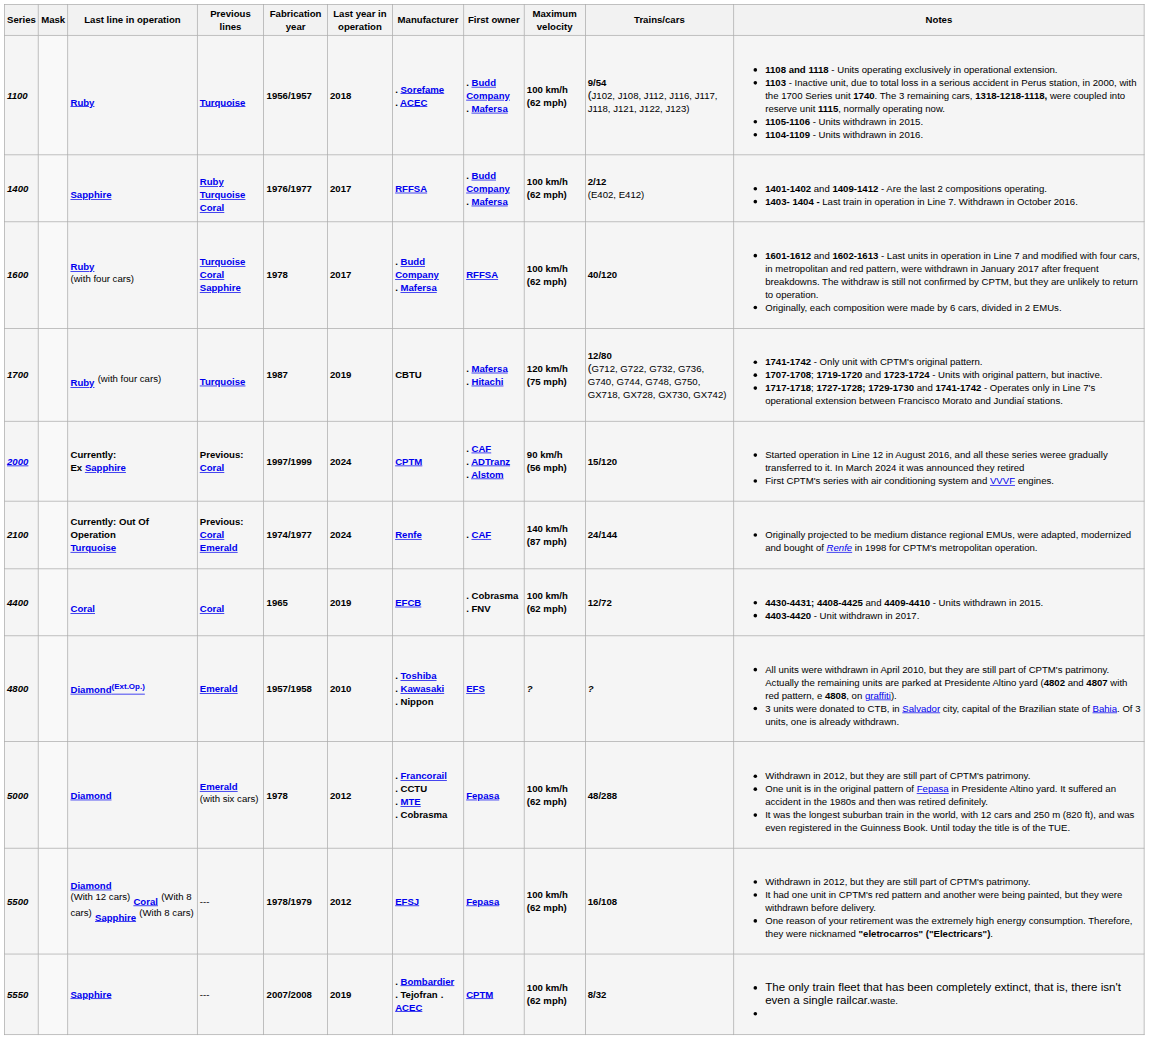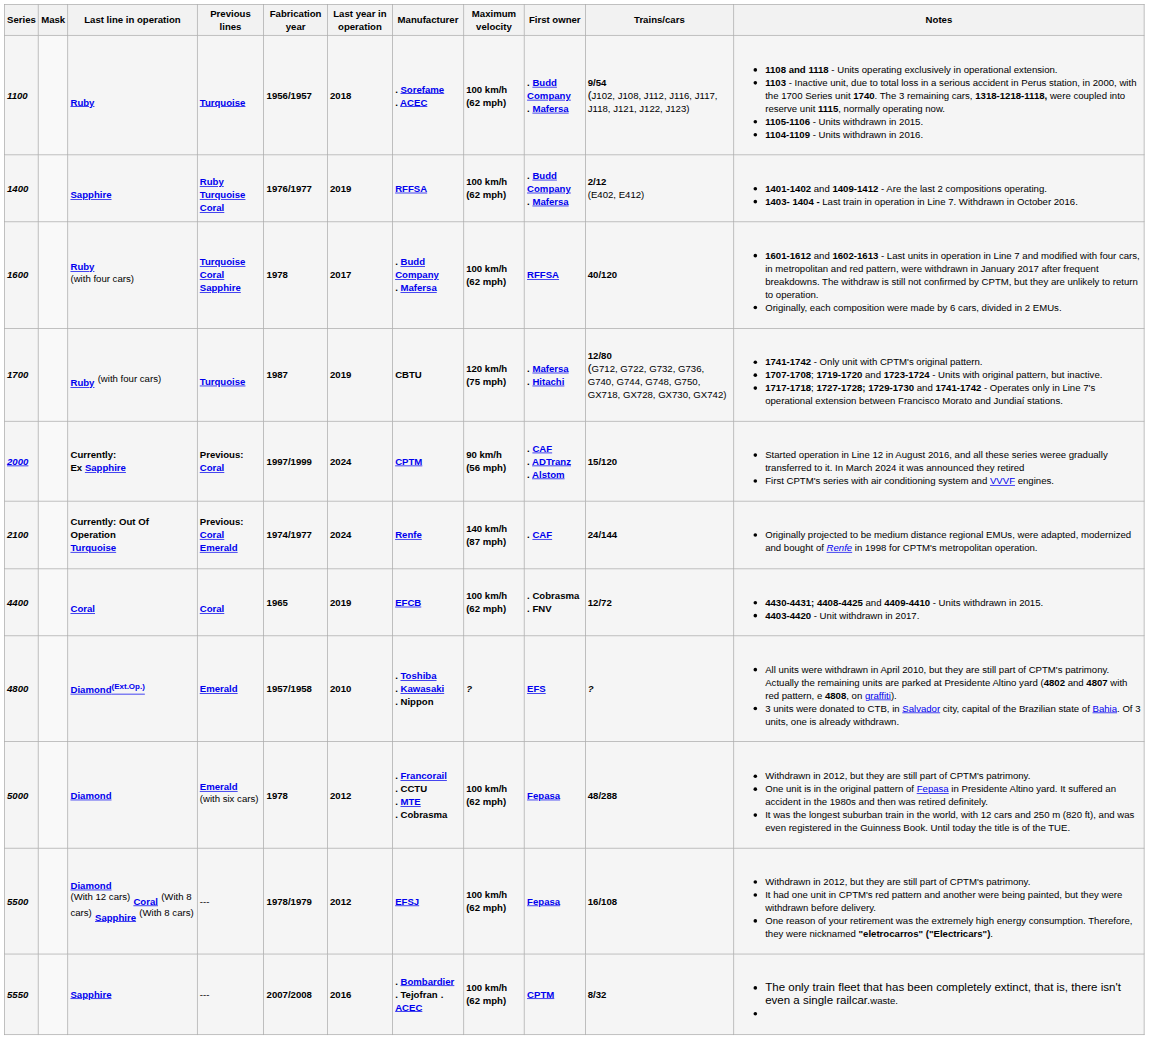 <table class="wikitable" style="margin: auto;">
 <tr>
 <th bgcolor="#cccccc"><strong><small>Series</small></strong></th>
 <th bgcolor="#cccccc"><strong><small>Mask</small></strong></th>
 <th bgcolor="#cccccc"><strong><small>Last line in operation</small></strong></th>
 <th bgcolor="#cccccc"><strong><small>Previous lines</small></strong></th>
 <th bgcolor="#cccccc"><strong><small>Fabrication year</small></strong></th>
 <th bgcolor="#cccccc"><small><strong>Last year in operation</strong></small></th>
 <th bgcolor="#cccccc"><strong><small>Manufacturer</small></strong></th>
+<th bgcolor="#cccccc"><small><strong>Maximum velocity</strong></small></th>
 <th bgcolor="#cccccc"><strong><small>First owner</small></strong></th>
-<th bgcolor="#cccccc"><small><strong>Maximum velocity</strong></small></th>
 <th bgcolor="#cccccc"><small><strong>Trains/cars</strong></small></th>
 <th bgcolor="#cccccc"><strong><small>Notes</small></strong></th>
 </tr>
 <tr>
 <td bgcolor=#f5f5f5><small><strong><em>1100</em></strong></small></td>
 <td><br></td>
 <td bgcolor=#f5f5f5><br><strong><small> <a href='#'>Ruby</a></small></strong></td>
 <td bgcolor=#f5f5f5><br><strong><small> <a href='#'>Turquoise</a></small></strong></td>
 <td bgcolor=#f5f5f5><strong><small>1956/1957</small></strong></td>
 <td bgcolor=#f5f5f5><strong><small>2018</small></strong></td>
 <td bgcolor=#f5f5f5><strong><small>. <a href='#'>Sorefame</a></small></strong><br><strong><small>. <a href='#'>ACEC</a> <br></small></strong></td>
+<td bgcolor=#f5f5f5><strong><small>100 km/h (62 mph)</small></strong></td>
 <td bgcolor=#f5f5f5><strong><small>. <a href='#'>Budd Company</a></small></strong><br><strong><small>. <a href='#'>Mafersa</a></small></strong></td>
-<td bgcolor=#f5f5f5><strong><small>100 km/h (62 mph)</small></strong></td>
 <td bgcolor=#f5f5f5><strong><small>9/54</small></strong><br>(<small>J102, J108, J112, J116, J117, J118, J121, J122, J123)</small></td>
 <td bgcolor=#f5f5f5><br><ul><li><small><strong>1108 and 1118</strong> - Units operating exclusively in operational extension.</small></li><li><small><strong>1103</strong> - Inactive unit, due to total loss in a serious accident in Perus station, in 2000, with the 1700 Series unit <strong>1740</strong>. The 3 remaining cars, <strong>1318-1218-1118,</strong> were coupled into reserve unit <strong>1115</strong>, normally operating now.</small></li><li><small><strong>1105-1106</strong> - Units withdrawn in 2015.</small></li><li><small><strong>1104-1109</strong> - Units withdrawn in 2016.</small></li></ul></td>
 </tr>
 <tr>
 <td bgcolor=#f5f5f5><small><strong><em>1400</em></strong></small></td>
 <td><br></td>
 <td bgcolor=#f5f5f5><br><strong><small> <a href='#'>Sapphire</a></small></strong></td>
 <td bgcolor=#f5f5f5><br><strong><small> <a href='#'>Ruby</a></small></strong> <strong><small> <a href='#'>Turquoise</a></small></strong> <strong><small> <a href='#'>Coral</a></small></strong></td>
 <td bgcolor=#f5f5f5><strong><small>1976/1977</small></strong></td>
-<td bgcolor=#f5f5f5><strong><small>2017</small></strong></td>
+<td bgcolor=#f5f5f5><strong><small>2019</small></strong></td>
 <td bgcolor=#f5f5f5><strong><small><a href='#'>RFFSA</a></small></strong></td>
+<td bgcolor=#f5f5f5><strong><small>100 km/h (62 mph)</small></strong></td>
 <td bgcolor=#f5f5f5><strong><small>. <a href='#'>Budd Company</a><br>. <a href='#'>Mafersa</a></small></strong></td>
-<td bgcolor=#f5f5f5><strong><small>100 km/h (62 mph)</small></strong></td>
 <td bgcolor=#f5f5f5><strong><small>2/12</small></strong><br><small>(E402, E412)</small></td>
 <td bgcolor=#f5f5f5><br><ul><li><small><strong>1401-1402</strong> and <strong>1409-1412</strong> - Are the last 2 compositions operating.</small></li><li><small><strong>1403- 1404 -</strong> Last train in operation in Line 7. Withdrawn in October 2016.</small></li></ul></td>
 </tr>
 <tr>
 <td bgcolor=#f5f5f5><strong><em><small>1600</small></em></strong></td>
 <td></td>
 <td bgcolor=#f5f5f5><small><strong> <a href='#'>Ruby</a></strong></small><br><sup>(with four cars)</sup></td>
 <td bgcolor=#f5f5f5><strong><small> <a href='#'>Turquoise</a></small></strong><br><strong><small> <a href='#'>Coral</a></small></strong> <strong><small> <a href='#'>Sapphire</a></small></strong></td>
 <td bgcolor=#f5f5f5><strong><small>1978</small></strong></td>
 <td bgcolor=#f5f5f5><strong><small>2017</small></strong></td>
 <td bgcolor=#f5f5f5><strong><small>. <a href='#'>Budd Company</a></small></strong><br><strong><small>. <a href='#'>Mafersa</a></small></strong></td>
+<td bgcolor=#f5f5f5><strong><small>100 km/h (62 mph)</small></strong></td>
 <td bgcolor=#f5f5f5><strong><small><a href='#'>RFFSA</a></small></strong></td>
-<td bgcolor=#f5f5f5><strong><small>100 km/h (62 mph)</small></strong></td>
 <td bgcolor=#f5f5f5><strong><small>40/120</small></strong></td>
 <td bgcolor=#f5f5f5><br><ul><li><small><strong>1601-1612</strong> and <strong>1602-1613</strong> - Last units in operation in Line 7 and modified with four cars, in metropolitan and red pattern, were withdrawn in January 2017 after frequent breakdowns. The withdraw is still not confirmed by CPTM, but they are unlikely to return to operation.</small></li><li><small>Originally, each composition were made by 6 cars, divided in 2 EMUs.</small></li></ul></td>
 </tr>
 <tr>
 <td bgcolor=#f5f5f5><small><strong><em>1700</em></strong></small></td>
 <td><br></td>
 <td bgcolor=#f5f5f5><br><strong><small> <a href='#'>Ruby</a></small></strong> <sup>(with four cars)</sup></td>
 <td bgcolor=#f5f5f5><br><strong><small> <a href='#'>Turquoise</a></small></strong></td>
 <td bgcolor=#f5f5f5><strong><small>1987</small></strong></td>
 <td bgcolor=#f5f5f5><strong><small>2019</small></strong></td>
 <td bgcolor=#f5f5f5><strong><small>CBTU</small></strong></td>
+<td bgcolor=#f5f5f5><strong><small>120 km/h (75 mph)</small></strong></td>
 <td bgcolor=#f5f5f5><strong><small>. <a href='#'>Mafersa</a><br>. <a href='#'>Hitachi</a></small></strong></td>
-<td bgcolor=#f5f5f5><strong><small>120 km/h (75 mph)</small></strong></td>
 <td bgcolor=#f5f5f5><strong><small>12/80</small></strong><br>(<small>G712, G722, G732, G736, G740, G744, G748, G750, GX718, GX728, GX730, GX742)</small></td>
 <td bgcolor=#f5f5f5><br><ul><li><small><strong>1741-1742</strong> - Only unit with CPTM's original pattern.</small></li><li><small><strong>1707-1708</strong>; <strong>1719-1720</strong> and <strong>1723-1724</strong> - Units with original pattern, but inactive.</small></li><li><small><strong>1717-1718</strong>; <strong>1727-1728;</strong> <strong>1729-1730</strong> and <strong>1741-1742</strong> - Operates only in Line 7's operational extension between Francisco Morato and Jundiaí stations.</small></li></ul></td>
 </tr>
 <tr>
 <td bgcolor=#f5f5f5><small><strong><em><a href='#'>2000</a></em></strong></small></td>
 <td><br></td>
 <td bgcolor=#f5f5f5><small><strong>Currently:</strong></small><br><strong><small> Ex <a href='#'>Sapphire</a></small></strong></td>
 <td bgcolor=#f5f5f5><small><strong>Previous:</strong></small><br><strong><small> <a href='#'>Coral</a></small></strong></td>
 <td bgcolor=#f5f5f5><strong><small>1997/1999</small></strong></td>
 <td bgcolor=#f5f5f5><strong><small>2024</small></strong></td>
 <td bgcolor=#f5f5f5><strong><small><a href='#'>CPTM</a></small></strong></td>
+<td bgcolor=#f5f5f5><strong><small>90 km/h (56 mph)</small></strong></td>
 <td bgcolor=#f5f5f5><strong><small>. <a href='#'>CAF</a><br>. <a href='#'>ADTranz</a><br>. <a href='#'>Alstom</a></small></strong></td>
-<td bgcolor=#f5f5f5><strong><small>90 km/h (56 mph)</small></strong></td>
 <td bgcolor=#f5f5f5><strong><small>15/120</small></strong></td>
 <td bgcolor=#f5f5f5><br><ul><li><small>Started operation in Line 12 in August 2016, and all these series weree gradually transferred to it. In March 2024 it was announced they retired</small></li><li><small>First CPTM's series with air conditioning system and <a href='#'>VVVF</a> engines.</small></li></ul></td>
 </tr>
 <tr>
 <td bgcolor=#f5f5f5><small><strong><em>2100</em></strong></small></td>
 <td><br><br> </td>
 <td bgcolor=#f5f5f5><small><strong>Currently: Out Of Operation</strong></small><br><strong><small> <a href='#'>Turquoise</a></small></strong></td>
 <td bgcolor=#f5f5f5><small><strong>Previous:</strong></small><br><strong><small> <a href='#'>Coral</a></small></strong> <strong><small> <a href='#'>Emerald</a></small></strong></td>
 <td bgcolor=#f5f5f5><strong><small>1974/1977</small></strong></td>
 <td bgcolor=#f5f5f5><strong><small>2024</small></strong></td>
 <td bgcolor=#f5f5f5><strong><small><a href='#'>Renfe</a></small></strong></td>
+<td bgcolor=#f5f5f5><strong><small>140 km/h (87 mph)</small></strong></td>
 <td bgcolor=#f5f5f5><strong><small>. <a href='#'>CAF</a></small></strong></td>
-<td bgcolor=#f5f5f5><strong><small>140 km/h (87 mph)</small></strong></td>
 <td bgcolor=#f5f5f5><strong><small>24/144</small></strong></td>
 <td bgcolor=#f5f5f5><br><ul><li><small>Originally projected to be medium distance regional EMUs, were adapted, modernized and bought of <em><a href='#'>Renfe</a></em> in 1998 for CPTM's metropolitan operation.</small></li></ul></td>
 </tr>
 <tr>
 <td bgcolor=#f5f5f5><small><strong><em>4400</em></strong></small></td>
 <td></td>
 <td bgcolor=#f5f5f5><br><small><strong> <a href='#'>Coral</a></strong></small></td>
 <td bgcolor=#f5f5f5><br><strong><small> <a href='#'>Coral</a></small></strong></td>
 <td bgcolor=#f5f5f5><strong><small>1965</small></strong></td>
 <td bgcolor=#f5f5f5><strong><small>2019</small></strong></td>
 <td bgcolor=#f5f5f5><strong><small><a href='#'>EFCB</a></small></strong></td>
+<td bgcolor=#f5f5f5><strong><small>100 km/h (62 mph)</small></strong></td>
 <td bgcolor=#f5f5f5><strong><small>. Cobrasma<br>. FNV</small></strong></td>
-<td bgcolor=#f5f5f5><strong><small>100 km/h (62 mph)</small></strong></td>
 <td bgcolor=#f5f5f5><strong><small>12/72</small></strong></td>
 <td bgcolor=#f5f5f5><br><ul><li><small><strong>4430-4431; 4408-4425</strong> and <strong>4409-4410</strong> - Units withdrawn in 2015.</small></li><li><small><strong>4403-4420</strong> - Unit withdrawn in 2017.</small></li></ul></td>
 </tr>
 <tr>
 <td bgcolor=#f5f5f5><strong><em><small>4800</small></em></strong></td>
 <td><br></td>
 <td bgcolor=#f5f5f5><strong><small> <a href='#'>Diamond<sup>(Ext.Op.)</sup></a></small></strong></td>
 <td bgcolor=#f5f5f5><strong><small> <a href='#'>Emerald</a></small></strong></td>
 <td bgcolor="#f5f5f5"><strong><small>1957/1958</small></strong></td>
 <td bgcolor="#f5f5f5"><small><strong>2010</strong></small></td>
 <td bgcolor=#f5f5f5><strong><small>. <a href='#'>Toshiba</a> <br>. <a href='#'>Kawasaki</a></small></strong><br><strong><small>. Nippon</small></strong></td>
+<td bgcolor=#f5f5f5><strong><em><small>?</small></em></strong></td>
 <td bgcolor=#f5f5f5><strong><small><a href='#'>EFS</a></small></strong></td>
-<td bgcolor=#f5f5f5><strong><em><small>?</small></em></strong></td>
 <td bgcolor=#f5f5f5><strong><em><small>?</small></em></strong></td>
 <td bgcolor=#f5f5f5><br><ul><li><small>All units were withdrawn in April 2010, but they are still part of CPTM's patrimony. Actually the remaining units are parked at Presidente Altino yard (<strong>4802</strong> and <strong>4807</strong> with red pattern, e <strong>4808</strong>, on <a href='#'>graffiti</a>).</small></li><li><small>3 units were donated to CTB, in <a href='#'>Salvador</a> city, capital of the Brazilian state of <a href='#'>Bahia</a>. Of 3 units, one is already withdrawn.</small></li></ul></td>
 </tr>
 <tr>
 <td bgcolor=#f5f5f5><strong><em><small>5000</small></em></strong></td>
 <td><br></td>
 <td bgcolor=#f5f5f5><strong><small> <a href='#'>Diamond</a></small></strong></td>
 <td bgcolor=#f5f5f5><strong><small> <a href='#'>Emerald</a></small></strong><br><sup>(with six cars)</sup></td>
 <td bgcolor="#f5f5f5"><strong><small>1978</small></strong></td>
 <td bgcolor="#f5f5f5"><small><strong>2012</strong></small></td>
 <td bgcolor=#f5f5f5><strong><small>. <a href='#'>Francorail</a><br>. CCTU <br>. <a href='#'>MTE</a> <br>. Cobrasma</small></strong></td>
+<td bgcolor=#f5f5f5><strong><small>100 km/h (62 mph)</small></strong></td>
 <td bgcolor=#f5f5f5><strong><small><a href='#'>Fepasa</a></small></strong></td>
-<td bgcolor=#f5f5f5><strong><small>100 km/h (62 mph)</small></strong></td>
 <td bgcolor=#f5f5f5><strong><small>48/288</small></strong></td>
 <td bgcolor=#f5f5f5><br><ul><li><small>Withdrawn in 2012, but they are still part of CPTM's patrimony.</small></li><li><small>One unit is in the original pattern of <a href='#'>Fepasa</a> in Presidente Altino yard. It suffered an accident in the 1980s and then was retired definitely.</small></li><li><small>It was the longest suburban train in the world, with 12 cars and 250 m (820 ft), and was even registered in the Guinness Book. Until today the title is of the TUE.</small></li></ul></td>
 </tr>
 <tr>
 <td bgcolor=#f5f5f5><strong><em><small>5500</small></em></strong></td>
 <td><br></td>
 <td bgcolor=#f5f5f5><strong><small> <a href='#'>Diamond</a></small></strong><br><sup>(With 12 cars)</sup> <strong><small> <a href='#'>Coral</a></small></strong> <sup>(With 8 cars)</sup> <strong><small> <a href='#'>Sapphire</a></small></strong> <sup>(With 8 cars)</sup></td>
 <td bgcolor=#f5f5f5><small>---</small></td>
 <td bgcolor="#f5f5f5"><strong><small>1978/1979</small></strong></td>
 <td bgcolor="#f5f5f5"><small><strong>2012</strong></small></td>
 <td bgcolor=#f5f5f5><strong><small><a href='#'>EFSJ</a></small></strong></td>
+<td bgcolor=#f5f5f5><strong><small>100 km/h (62 mph)</small></strong></td>
 <td bgcolor=#f5f5f5><strong><small><a href='#'>Fepasa</a></small></strong></td>
-<td bgcolor=#f5f5f5><strong><small>100 km/h (62 mph)</small></strong></td>
 <td bgcolor=#f5f5f5><small><strong>16/108</strong></small></td>
 <td bgcolor=#f5f5f5><br><ul><li><small>Withdrawn in 2012, but they are still part of CPTM's patrimony.</small></li><li><small>It had one unit in CPTM's red pattern and another were being painted, but they were withdrawn before delivery.</small></li><li><small>One reason of your retirement was the extremely high energy consumption. Therefore, they were nicknamed <strong>"eletrocarros" ("Electricars")</strong>.</small></li></ul></td>
 </tr>
 <tr>
 <td bgcolor=#f5f5f5><strong><em><small>5550</small></em></strong></td>
 <td></td>
 <td bgcolor=#f5f5f5><strong><small> <a href='#'>Sapphire</a></small></strong></td>
 <td bgcolor=#f5f5f5><small>---</small></td>
 <td bgcolor=#f5f5f5><strong><small>2007/2008</small></strong></td>
-<td bgcolor=#f5f5f5><strong><small>2019</small></strong></td>
+<td bgcolor=#f5f5f5><strong><small>2016</small></strong></td>
 <td bgcolor=#f5f5f5><strong><small>. <a href='#'>Bombardier</a></small></strong><br><strong><small>. Tejofran</small></strong> <strong><small>. <a href='#'>ACEC</a></small></strong></td>
+<td bgcolor=#f5f5f5><strong><small>100 km/h (62 mph)</small></strong></td>
 <td bgcolor=#f5f5f5><strong><small><a href='#'>CPTM</a></small></strong></td>
-<td bgcolor=#f5f5f5><strong><small>100 km/h (62 mph)</small></strong></td>
 <td bgcolor=#f5f5f5><strong><small>8/32</small></strong></td>
 <td bgcolor=#f5f5f5><br><ul><li>The only train fleet that has been completely extinct, that is, there isn't even a single railcar.<small>waste.</small></li><li></li></ul></td>
 </tr>
 </table>
